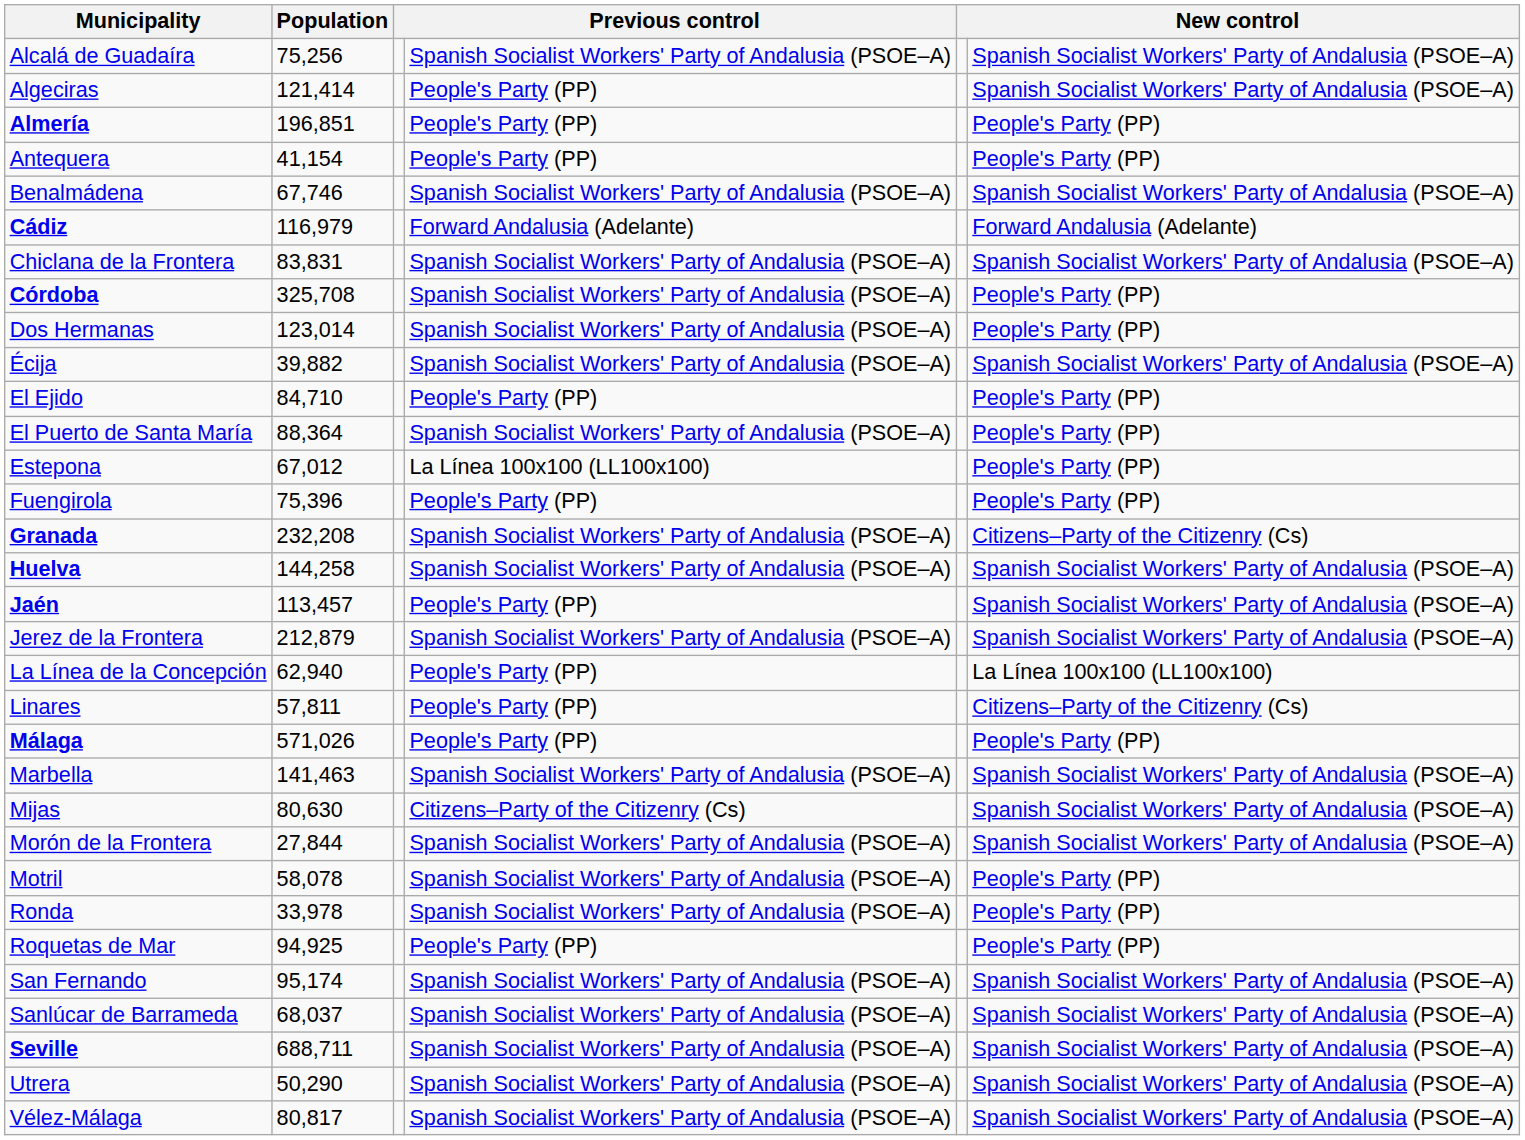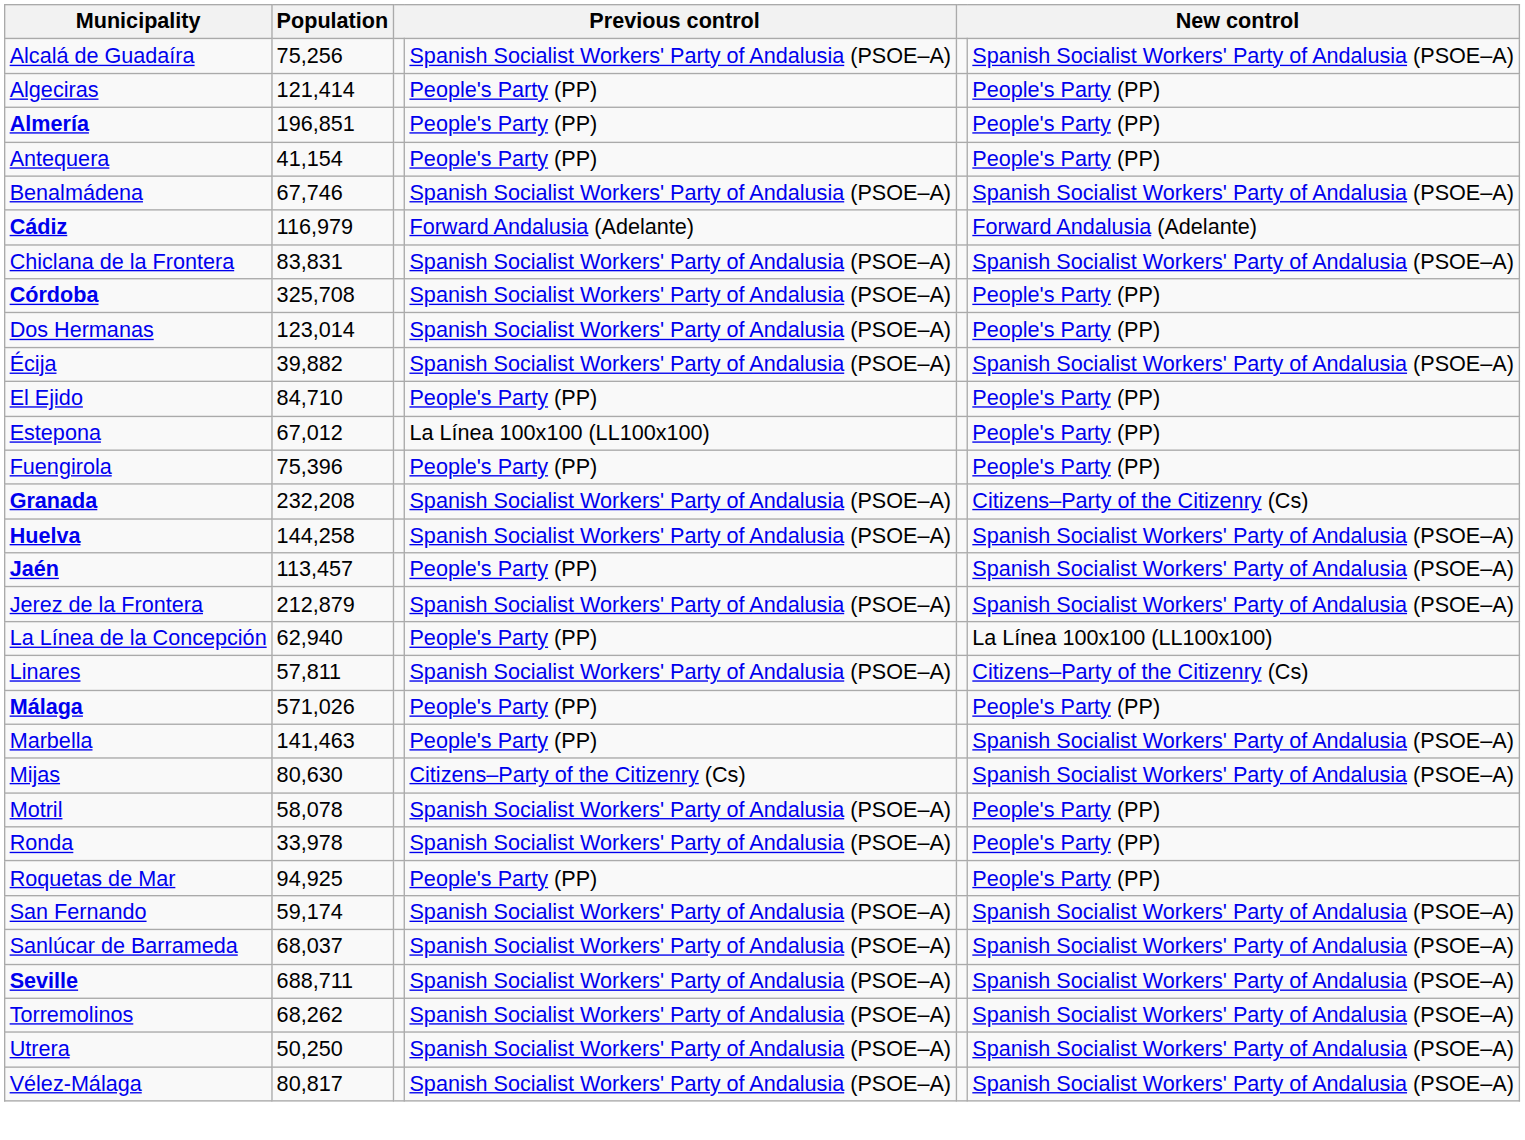 <table class="wikitable sortable">
 <tr>
 <th>Municipality</th>
 <th>Population</th>
 <th colspan="2" style="width:375px;">Previous control</th>
 <th colspan="2" style="width:375px;">New control</th>
 </tr>
 <tr>
 <td><a href='#'>Alcalá de Guadaíra</a></td>
 <td>75,256</td>
 <td width="1" style="color:inherit;background:"></td>
 <td><a href='#'>Spanish Socialist Workers' Party of Andalusia</a> (PSOE–A)</td>
 <td width="1" style="color:inherit;background:"></td>
 <td><a href='#'>Spanish Socialist Workers' Party of Andalusia</a> (PSOE–A)</td>
 </tr>
 <tr>
 <td><a href='#'>Algeciras</a></td>
 <td>121,414</td>
 <td style="color:inherit;background:"></td>
 <td><a href='#'>People's Party</a> (PP)</td>
 <td style="color:inherit;background:"></td>
-<td><a href='#'>Spanish Socialist Workers' Party of Andalusia</a> (PSOE–A)</td>
+<td><a href='#'>People's Party</a> (PP)</td>
 </tr>
 <tr>
 <td><strong><a href='#'>Almería</a></strong></td>
 <td>196,851</td>
 <td style="color:inherit;background:"></td>
 <td><a href='#'>People's Party</a> (PP)</td>
 <td style="color:inherit;background:"></td>
 <td><a href='#'>People's Party</a> (PP)</td>
 </tr>
 <tr>
 <td><a href='#'>Antequera</a></td>
 <td>41,154</td>
 <td style="color:inherit;background:"></td>
 <td><a href='#'>People's Party</a> (PP)</td>
 <td style="color:inherit;background:"></td>
 <td><a href='#'>People's Party</a> (PP)</td>
 </tr>
 <tr>
 <td><a href='#'>Benalmádena</a></td>
 <td>67,746</td>
 <td style="color:inherit;background:"></td>
 <td><a href='#'>Spanish Socialist Workers' Party of Andalusia</a> (PSOE–A)</td>
 <td style="color:inherit;background:"></td>
 <td><a href='#'>Spanish Socialist Workers' Party of Andalusia</a> (PSOE–A)</td>
 </tr>
 <tr>
 <td><strong><a href='#'>Cádiz</a></strong></td>
 <td>116,979</td>
 <td style="color:inherit;background:"></td>
 <td><a href='#'>Forward Andalusia</a> (Adelante)</td>
 <td style="color:inherit;background:"></td>
 <td><a href='#'>Forward Andalusia</a> (Adelante)</td>
 </tr>
 <tr>
 <td><a href='#'>Chiclana de la Frontera</a></td>
 <td>83,831</td>
 <td style="color:inherit;background:"></td>
 <td><a href='#'>Spanish Socialist Workers' Party of Andalusia</a> (PSOE–A)</td>
 <td style="color:inherit;background:"></td>
 <td><a href='#'>Spanish Socialist Workers' Party of Andalusia</a> (PSOE–A)</td>
 </tr>
 <tr>
 <td><strong><a href='#'>Córdoba</a></strong></td>
 <td>325,708</td>
 <td style="color:inherit;background:"></td>
 <td><a href='#'>Spanish Socialist Workers' Party of Andalusia</a> (PSOE–A)</td>
 <td style="color:inherit;background:"></td>
 <td><a href='#'>People's Party</a> (PP)</td>
 </tr>
 <tr>
 <td><a href='#'>Dos Hermanas</a></td>
 <td>123,014</td>
 <td style="color:inherit;background:"></td>
 <td><a href='#'>Spanish Socialist Workers' Party of Andalusia</a> (PSOE–A)</td>
 <td style="color:inherit;background:"></td>
 <td><a href='#'>People's Party</a> (PP)</td>
 </tr>
 <tr>
 <td><a href='#'>Écija</a></td>
 <td>39,882</td>
 <td style="color:inherit;background:"></td>
 <td><a href='#'>Spanish Socialist Workers' Party of Andalusia</a> (PSOE–A)</td>
 <td style="color:inherit;background:"></td>
 <td><a href='#'>Spanish Socialist Workers' Party of Andalusia</a> (PSOE–A)</td>
 </tr>
 <tr>
 <td><a href='#'>El Ejido</a></td>
 <td>84,710</td>
 <td style="color:inherit;background:"></td>
 <td><a href='#'>People's Party</a> (PP)</td>
 <td style="color:inherit;background:"></td>
 <td><a href='#'>People's Party</a> (PP)</td>
 </tr>
 <tr>
-<td><a href='#'>El Puerto de Santa María</a></td>
-<td>88,364</td>
-<td style="color:inherit;background:"></td>
-<td><a href='#'>Spanish Socialist Workers' Party of Andalusia</a> (PSOE–A)</td>
-<td style="color:inherit;background:"></td>
-<td><a href='#'>People's Party</a> (PP)</td>
-</tr>
-<tr>
 <td><a href='#'>Estepona</a></td>
 <td>67,012</td>
 <td style="color:inherit;background:"></td>
 <td>La Línea 100x100 (LL100x100)</td>
 <td style="color:inherit;background:"></td>
 <td><a href='#'>People's Party</a> (PP)</td>
 </tr>
 <tr>
 <td><a href='#'>Fuengirola</a></td>
 <td>75,396</td>
 <td style="color:inherit;background:"></td>
 <td><a href='#'>People's Party</a> (PP)</td>
 <td style="color:inherit;background:"></td>
 <td><a href='#'>People's Party</a> (PP)</td>
 </tr>
 <tr>
 <td><strong><a href='#'>Granada</a></strong></td>
 <td>232,208</td>
 <td style="color:inherit;background:"></td>
 <td><a href='#'>Spanish Socialist Workers' Party of Andalusia</a> (PSOE–A)</td>
 <td style="color:inherit;background:"></td>
 <td><a href='#'>Citizens–Party of the Citizenry</a> (Cs) </td>
 </tr>
 <tr>
 <td><strong><a href='#'>Huelva</a></strong></td>
 <td>144,258</td>
 <td style="color:inherit;background:"></td>
 <td><a href='#'>Spanish Socialist Workers' Party of Andalusia</a> (PSOE–A)</td>
 <td style="color:inherit;background:"></td>
 <td><a href='#'>Spanish Socialist Workers' Party of Andalusia</a> (PSOE–A)</td>
 </tr>
 <tr>
 <td><strong><a href='#'>Jaén</a></strong></td>
 <td>113,457</td>
 <td style="color:inherit;background:"></td>
 <td><a href='#'>People's Party</a> (PP)</td>
 <td style="color:inherit;background:"></td>
 <td><a href='#'>Spanish Socialist Workers' Party of Andalusia</a> (PSOE–A)</td>
 </tr>
 <tr>
 <td><a href='#'>Jerez de la Frontera</a></td>
 <td>212,879</td>
 <td style="color:inherit;background:"></td>
 <td><a href='#'>Spanish Socialist Workers' Party of Andalusia</a> (PSOE–A)</td>
 <td style="color:inherit;background:"></td>
 <td><a href='#'>Spanish Socialist Workers' Party of Andalusia</a> (PSOE–A)</td>
 </tr>
 <tr>
 <td><a href='#'>La Línea de la Concepción</a></td>
 <td>62,940</td>
 <td style="color:inherit;background:"></td>
 <td><a href='#'>People's Party</a> (PP)</td>
 <td style="color:inherit;background:"></td>
 <td>La Línea 100x100 (LL100x100)</td>
 </tr>
 <tr>
 <td><a href='#'>Linares</a></td>
 <td>57,811</td>
 <td style="color:inherit;background:"></td>
-<td><a href='#'>People's Party</a> (PP)</td>
+<td><a href='#'>Spanish Socialist Workers' Party of Andalusia</a> (PSOE–A)</td>
 <td style="color:inherit;background:"></td>
 <td><a href='#'>Citizens–Party of the Citizenry</a> (Cs) </td>
 </tr>
 <tr>
 <td><strong><a href='#'>Málaga</a></strong></td>
 <td>571,026</td>
 <td style="color:inherit;background:"></td>
 <td><a href='#'>People's Party</a> (PP)</td>
 <td style="color:inherit;background:"></td>
 <td><a href='#'>People's Party</a> (PP)</td>
 </tr>
 <tr>
 <td><a href='#'>Marbella</a></td>
 <td>141,463</td>
 <td style="color:inherit;background:"></td>
-<td><a href='#'>Spanish Socialist Workers' Party of Andalusia</a> (PSOE–A)</td>
+<td><a href='#'>People's Party</a> (PP)</td>
 <td style="color:inherit;background:"></td>
 <td><a href='#'>Spanish Socialist Workers' Party of Andalusia</a> (PSOE–A)</td>
 </tr>
 <tr>
 <td><a href='#'>Mijas</a></td>
 <td>80,630</td>
 <td style="color:inherit;background:"></td>
 <td><a href='#'>Citizens–Party of the Citizenry</a> (Cs)</td>
-<td style="color:inherit;background:"></td>
-<td><a href='#'>Spanish Socialist Workers' Party of Andalusia</a> (PSOE–A)</td>
-</tr>
-<tr>
-<td><a href='#'>Morón de la Frontera</a></td>
-<td>27,844</td>
-<td style="color:inherit;background:"></td>
-<td><a href='#'>Spanish Socialist Workers' Party of Andalusia</a> (PSOE–A)</td>
 <td style="color:inherit;background:"></td>
 <td><a href='#'>Spanish Socialist Workers' Party of Andalusia</a> (PSOE–A)</td>
 </tr>
 <tr>
 <td><a href='#'>Motril</a></td>
 <td>58,078</td>
 <td style="color:inherit;background:"></td>
 <td><a href='#'>Spanish Socialist Workers' Party of Andalusia</a> (PSOE–A)</td>
 <td style="color:inherit;background:"></td>
 <td><a href='#'>People's Party</a> (PP)</td>
 </tr>
 <tr>
 <td><a href='#'>Ronda</a></td>
 <td>33,978</td>
 <td style="color:inherit;background:"></td>
 <td><a href='#'>Spanish Socialist Workers' Party of Andalusia</a> (PSOE–A)</td>
 <td style="color:inherit;background:"></td>
 <td><a href='#'>People's Party</a> (PP)</td>
 </tr>
 <tr>
 <td><a href='#'>Roquetas de Mar</a></td>
 <td>94,925</td>
 <td style="color:inherit;background:"></td>
 <td><a href='#'>People's Party</a> (PP)</td>
 <td style="color:inherit;background:"></td>
 <td><a href='#'>People's Party</a> (PP)</td>
 </tr>
 <tr>
 <td><a href='#'>San Fernando</a></td>
-<td>95,174</td>
+<td>59,174</td>
 <td style="color:inherit;background:"></td>
 <td><a href='#'>Spanish Socialist Workers' Party of Andalusia</a> (PSOE–A)</td>
 <td style="color:inherit;background:"></td>
 <td><a href='#'>Spanish Socialist Workers' Party of Andalusia</a> (PSOE–A)</td>
 </tr>
 <tr>
 <td><a href='#'>Sanlúcar de Barrameda</a></td>
 <td>68,037</td>
 <td style="color:inherit;background:"></td>
 <td><a href='#'>Spanish Socialist Workers' Party of Andalusia</a> (PSOE–A)</td>
 <td style="color:inherit;background:"></td>
 <td><a href='#'>Spanish Socialist Workers' Party of Andalusia</a> (PSOE–A)</td>
 </tr>
 <tr>
 <td><strong><a href='#'>Seville</a></strong></td>
 <td>688,711</td>
 <td style="color:inherit;background:"></td>
 <td><a href='#'>Spanish Socialist Workers' Party of Andalusia</a> (PSOE–A)</td>
 <td style="color:inherit;background:"></td>
 <td><a href='#'>Spanish Socialist Workers' Party of Andalusia</a> (PSOE–A)</td>
 </tr>
 <tr>
+<td><a href='#'>Torremolinos</a></td>
+<td>68,262</td>
+<td style="color:inherit;background:"></td>
+<td><a href='#'>Spanish Socialist Workers' Party of Andalusia</a> (PSOE–A)</td>
+<td style="color:inherit;background:"></td>
+<td><a href='#'>Spanish Socialist Workers' Party of Andalusia</a> (PSOE–A) </td>
+</tr>
+<tr>
 <td><a href='#'>Utrera</a></td>
-<td>50,290</td>
+<td>50,250</td>
 <td style="color:inherit;background:"></td>
 <td><a href='#'>Spanish Socialist Workers' Party of Andalusia</a> (PSOE–A)</td>
 <td style="color:inherit;background:"></td>
 <td><a href='#'>Spanish Socialist Workers' Party of Andalusia</a> (PSOE–A)</td>
 </tr>
 <tr>
 <td><a href='#'>Vélez-Málaga</a></td>
 <td>80,817</td>
 <td style="color:inherit;background:"></td>
 <td><a href='#'>Spanish Socialist Workers' Party of Andalusia</a> (PSOE–A)</td>
 <td style="color:inherit;background:"></td>
 <td><a href='#'>Spanish Socialist Workers' Party of Andalusia</a> (PSOE–A)</td>
 </tr>
 </table>
